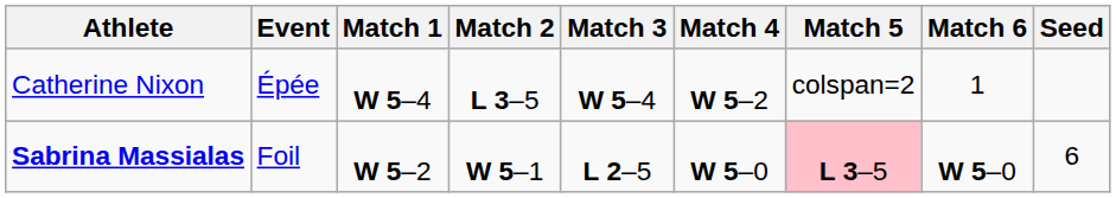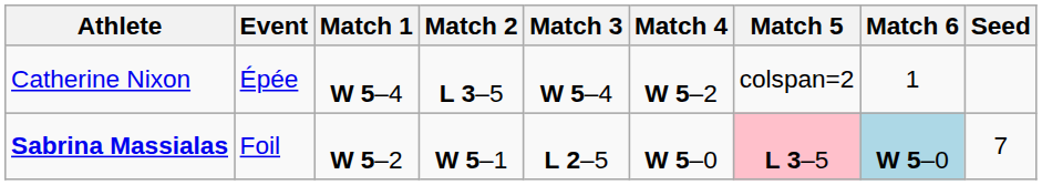 <table class="wikitable" border="1" style="font-size:90%">
 <tr>
 <th>Athlete</th>
 <th>Event</th>
 <th>Match 1</th>
 <th>Match 2</th>
 <th>Match 3</th>
 <th>Match 4</th>
 <th>Match 5</th>
 <th>Match 6</th>
 <th>Seed</th>
 </tr>
 <tr align=center>
 <td align=left><a href='#'>Catherine Nixon</a></td>
 <td align=left><a href='#'>Épée</a></td>
 <td><br><strong>W</strong> <strong>5</strong>–4</td>
 <td><br><strong>L</strong> <strong>3</strong>–5</td>
 <td><br><strong>W</strong> <strong>5</strong>–4</td>
 <td><br><strong>W</strong> <strong>5</strong>–2</td>
 <td>colspan=2 </td>
 <td>1</td>
 </tr>
 <tr align=center>
 <td align=left><strong><a href='#'>Sabrina Massialas</a></strong></td>
 <td align=left><a href='#'>Foil</a></td>
 <td><br><strong>W</strong> <strong>5</strong>–2</td>
 <td><br><strong>W</strong> <strong>5</strong>–1</td>
 <td><br><strong>L</strong> <strong>2</strong>–5</td>
 <td><br><strong>W</strong> <strong>5</strong>–0</td>
 <td style="background: pink;"><br><strong>L</strong> <strong>3</strong>–5</td>
-<td><br><strong>W</strong> <strong>5</strong>–0</td>
-<td>6</td>
+<td style="background: lightblue;"><br><strong>W</strong> <strong>5</strong>–0</td>
+<td>7</td>
 </tr>
 </table>
